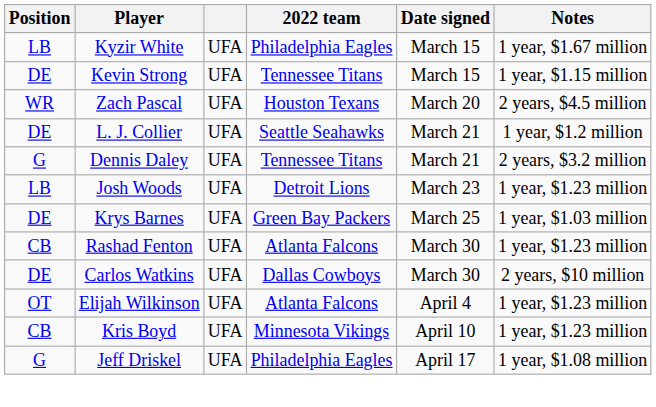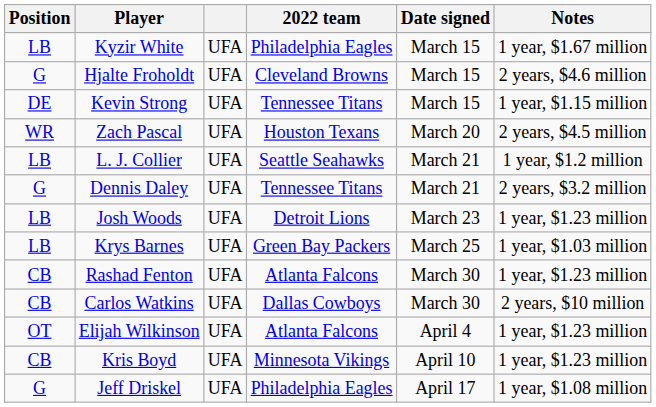 <table class="wikitable" style="text-align:center">
 <tr>
 <th>Position</th>
 <th>Player</th>
 <th></th>
 <th>2022 team</th>
 <th>Date signed</th>
 <th>Notes</th>
 </tr>
 <tr>
 <td><a href='#'>LB</a></td>
 <td><a href='#'>Kyzir White</a></td>
 <td>UFA</td>
 <td><a href='#'>Philadelphia Eagles</a></td>
 <td>March 15</td>
 <td>1 year, $1.67 million</td>
 </tr>
 <tr>
+<td><a href='#'>G</a></td>
+<td><a href='#'>Hjalte Froholdt</a></td>
+<td>UFA</td>
+<td><a href='#'>Cleveland Browns</a></td>
+<td>March 15</td>
+<td>2 years, $4.6 million</td>
+</tr>
+<tr>
 <td><a href='#'>DE</a></td>
 <td><a href='#'>Kevin Strong</a></td>
 <td>UFA</td>
 <td><a href='#'>Tennessee Titans</a></td>
 <td>March 15</td>
 <td>1 year, $1.15 million</td>
 </tr>
 <tr>
 <td><a href='#'>WR</a></td>
 <td><a href='#'>Zach Pascal</a></td>
 <td>UFA</td>
 <td><a href='#'>Houston Texans</a></td>
 <td>March 20</td>
 <td>2 years, $4.5 million</td>
 </tr>
 <tr>
-<td><a href='#'>DE</a></td>
+<td><a href='#'>LB</a></td>
 <td><a href='#'>L. J. Collier</a></td>
 <td>UFA</td>
 <td><a href='#'>Seattle Seahawks</a></td>
 <td>March 21</td>
 <td>1 year, $1.2 million</td>
 </tr>
 <tr>
 <td><a href='#'>G</a></td>
 <td><a href='#'>Dennis Daley</a></td>
 <td>UFA</td>
 <td><a href='#'>Tennessee Titans</a></td>
 <td>March 21</td>
 <td>2 years, $3.2 million</td>
 </tr>
 <tr>
 <td><a href='#'>LB</a></td>
 <td><a href='#'>Josh Woods</a></td>
 <td>UFA</td>
 <td><a href='#'>Detroit Lions</a></td>
 <td>March 23</td>
 <td>1 year, $1.23 million</td>
 </tr>
 <tr>
-<td><a href='#'>DE</a></td>
+<td><a href='#'>LB</a></td>
 <td><a href='#'>Krys Barnes</a></td>
 <td>UFA</td>
 <td><a href='#'>Green Bay Packers</a></td>
 <td>March 25</td>
 <td>1 year, $1.03 million</td>
 </tr>
 <tr>
 <td><a href='#'>CB</a></td>
 <td><a href='#'>Rashad Fenton</a></td>
 <td>UFA</td>
 <td><a href='#'>Atlanta Falcons</a></td>
 <td>March 30</td>
 <td>1 year, $1.23 million</td>
 </tr>
 <tr>
-<td><a href='#'>DE</a></td>
+<td><a href='#'>CB</a></td>
 <td><a href='#'>Carlos Watkins</a></td>
 <td>UFA</td>
 <td><a href='#'>Dallas Cowboys</a></td>
 <td>March 30</td>
 <td>2 years, $10 million</td>
 </tr>
 <tr>
 <td><a href='#'>OT</a></td>
 <td><a href='#'>Elijah Wilkinson</a></td>
 <td>UFA</td>
 <td><a href='#'>Atlanta Falcons</a></td>
 <td>April 4</td>
 <td>1 year, $1.23 million</td>
 </tr>
 <tr>
 <td><a href='#'>CB</a></td>
 <td><a href='#'>Kris Boyd</a></td>
 <td>UFA</td>
 <td><a href='#'>Minnesota Vikings</a></td>
 <td>April 10</td>
 <td>1 year, $1.23 million</td>
 </tr>
 <tr>
 <td><a href='#'>G</a></td>
 <td><a href='#'>Jeff Driskel</a></td>
 <td>UFA</td>
 <td><a href='#'>Philadelphia Eagles</a></td>
 <td>April 17</td>
 <td>1 year, $1.08 million</td>
 </tr>
 </table>
